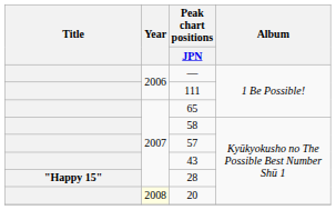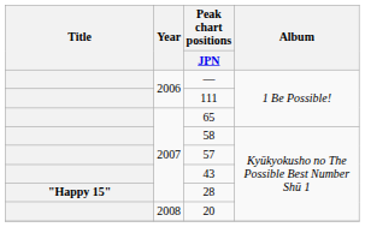 <table class="wikitable sortable" style="text-align:center" border="1">
 <tr>
 <th rowspan="2" style="width:12em;">Title</th>
 <th rowspan="2">Year</th>
 <th colspan="1">Peak chart positions</th>
 <th rowspan="2" style="width:10em;">Album</th>
 </tr>
 <tr>
 <th width="30"><a href='#'>JPN</a></th>
 </tr>
 <tr>
 <th scope="row"><br></th>
 <td rowspan="2">2006</td>
 <td>—</td>
 <td rowspan="3"><em>1 Be Possible!</em></td>
 </tr>
 <tr>
 <th scope="row"><br></th>
 <td>111</td>
 </tr>
 <tr>
 <th scope="row"><br></th>
 <td rowspan="5">2007</td>
 <td>65</td>
 </tr>
 <tr>
 <th scope="row"><br></th>
 <td>58</td>
 <td rowspan="5"><em>Kyūkyokusho no The Possible Best Number Shū 1</em></td>
 </tr>
 <tr>
 <th scope="row"><br></th>
 <td>57</td>
 </tr>
 <tr>
 <th scope="row"><br></th>
 <td>43</td>
 </tr>
 <tr>
 <th scope="row">"Happy 15"<br></th>
 <td>28</td>
 </tr>
 <tr>
 <th scope="row"><br></th>
-<td style="background: lightyellow;">2008</td>
+<td>2008</td>
 <td>20</td>
 </tr>
 <tr>
 </tr>
 </table>
